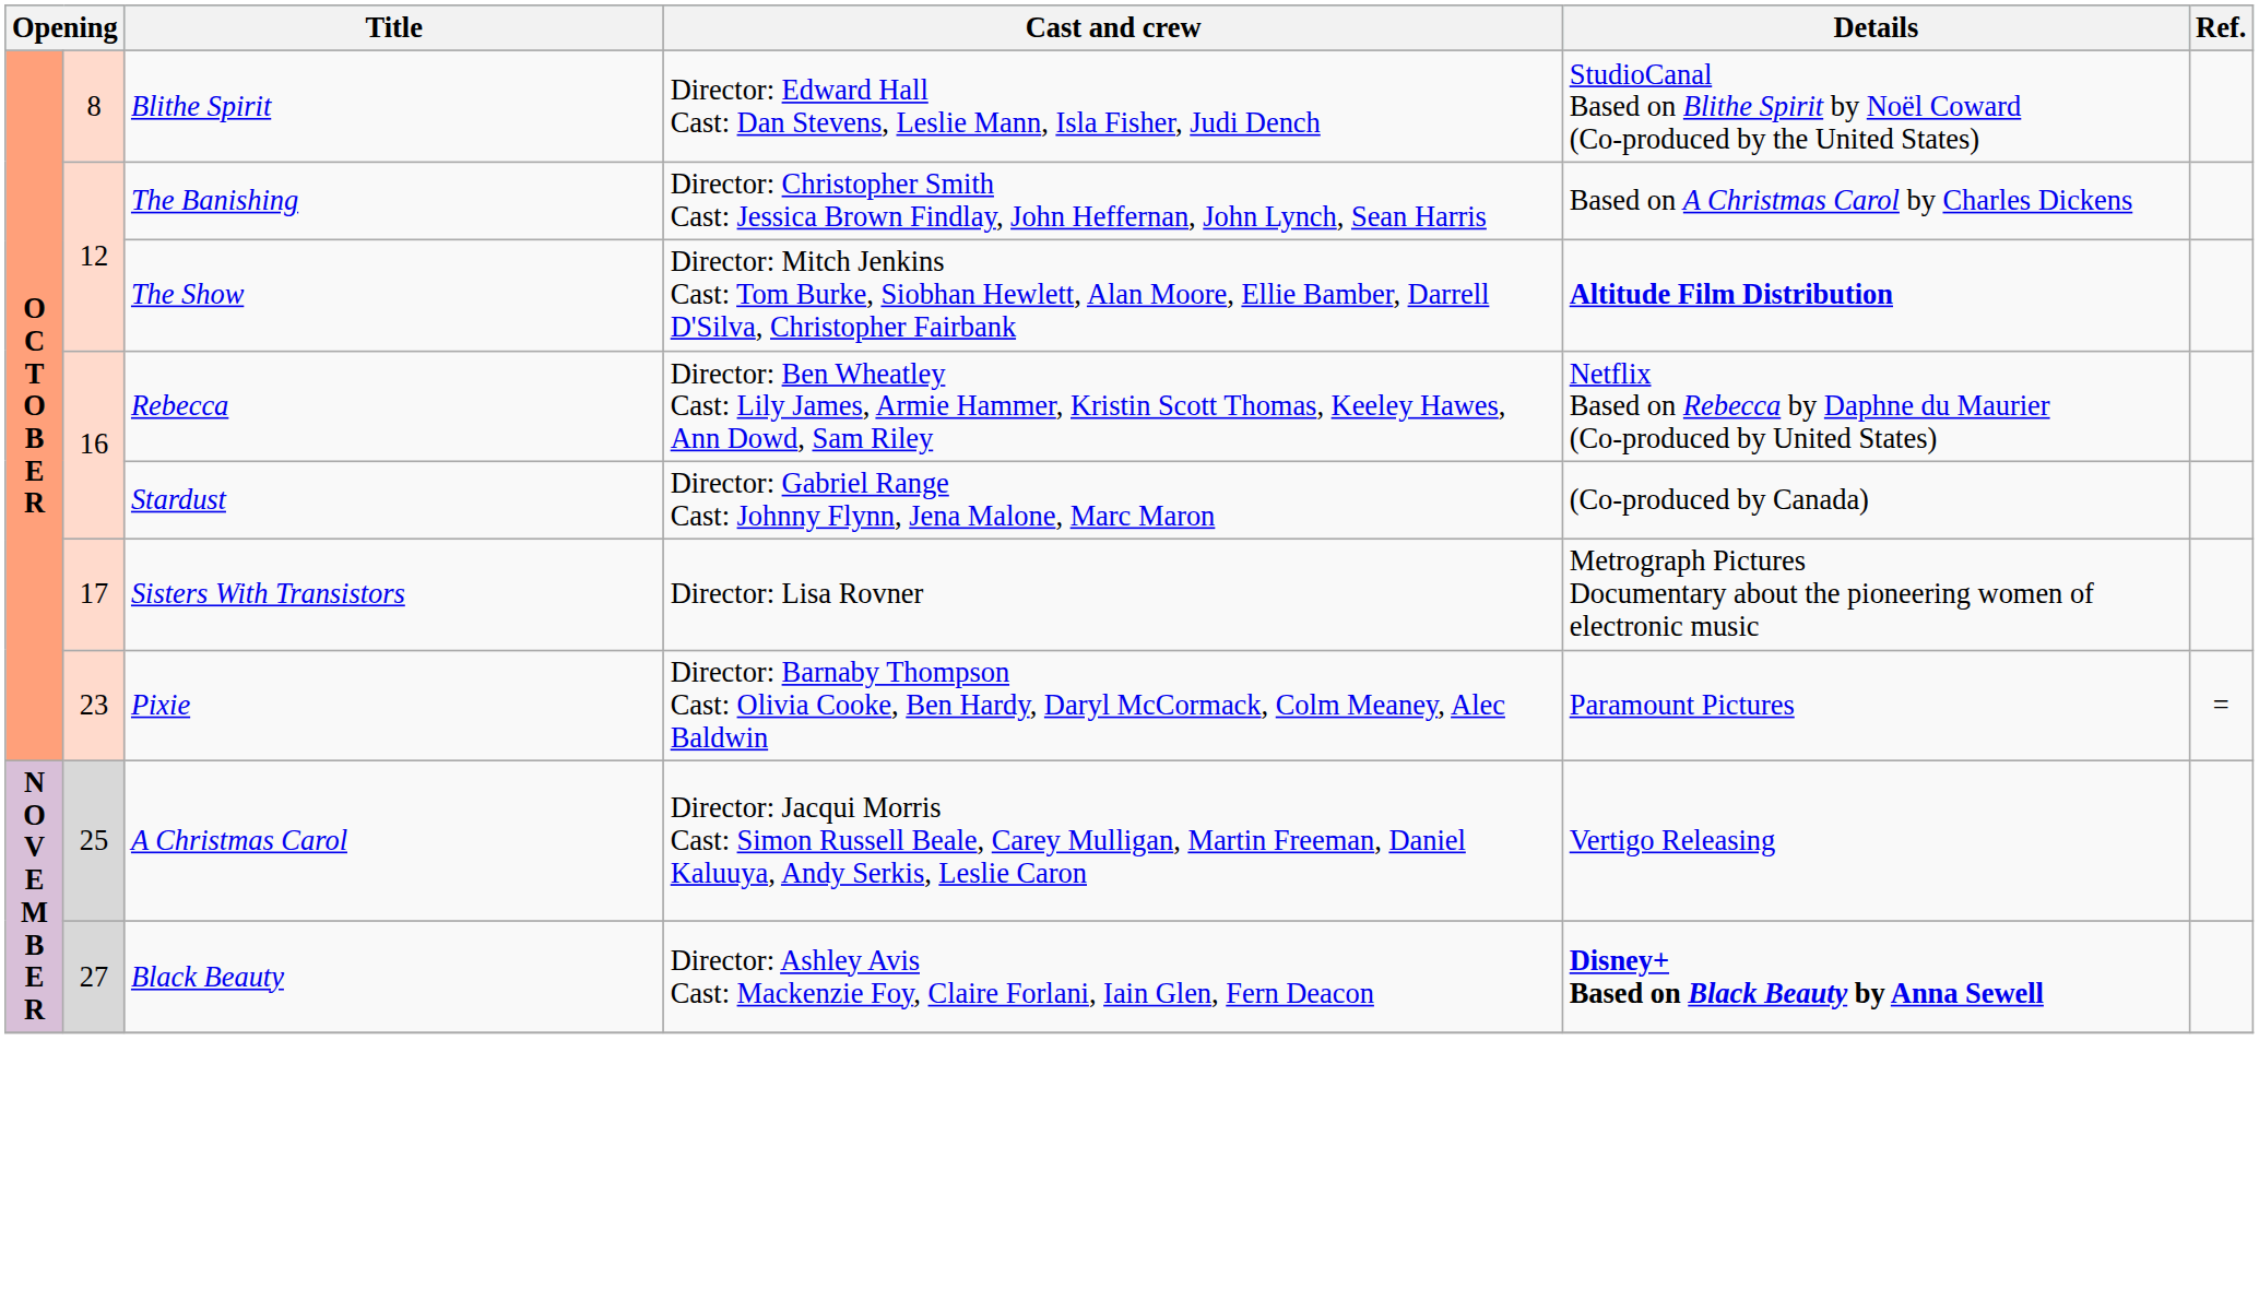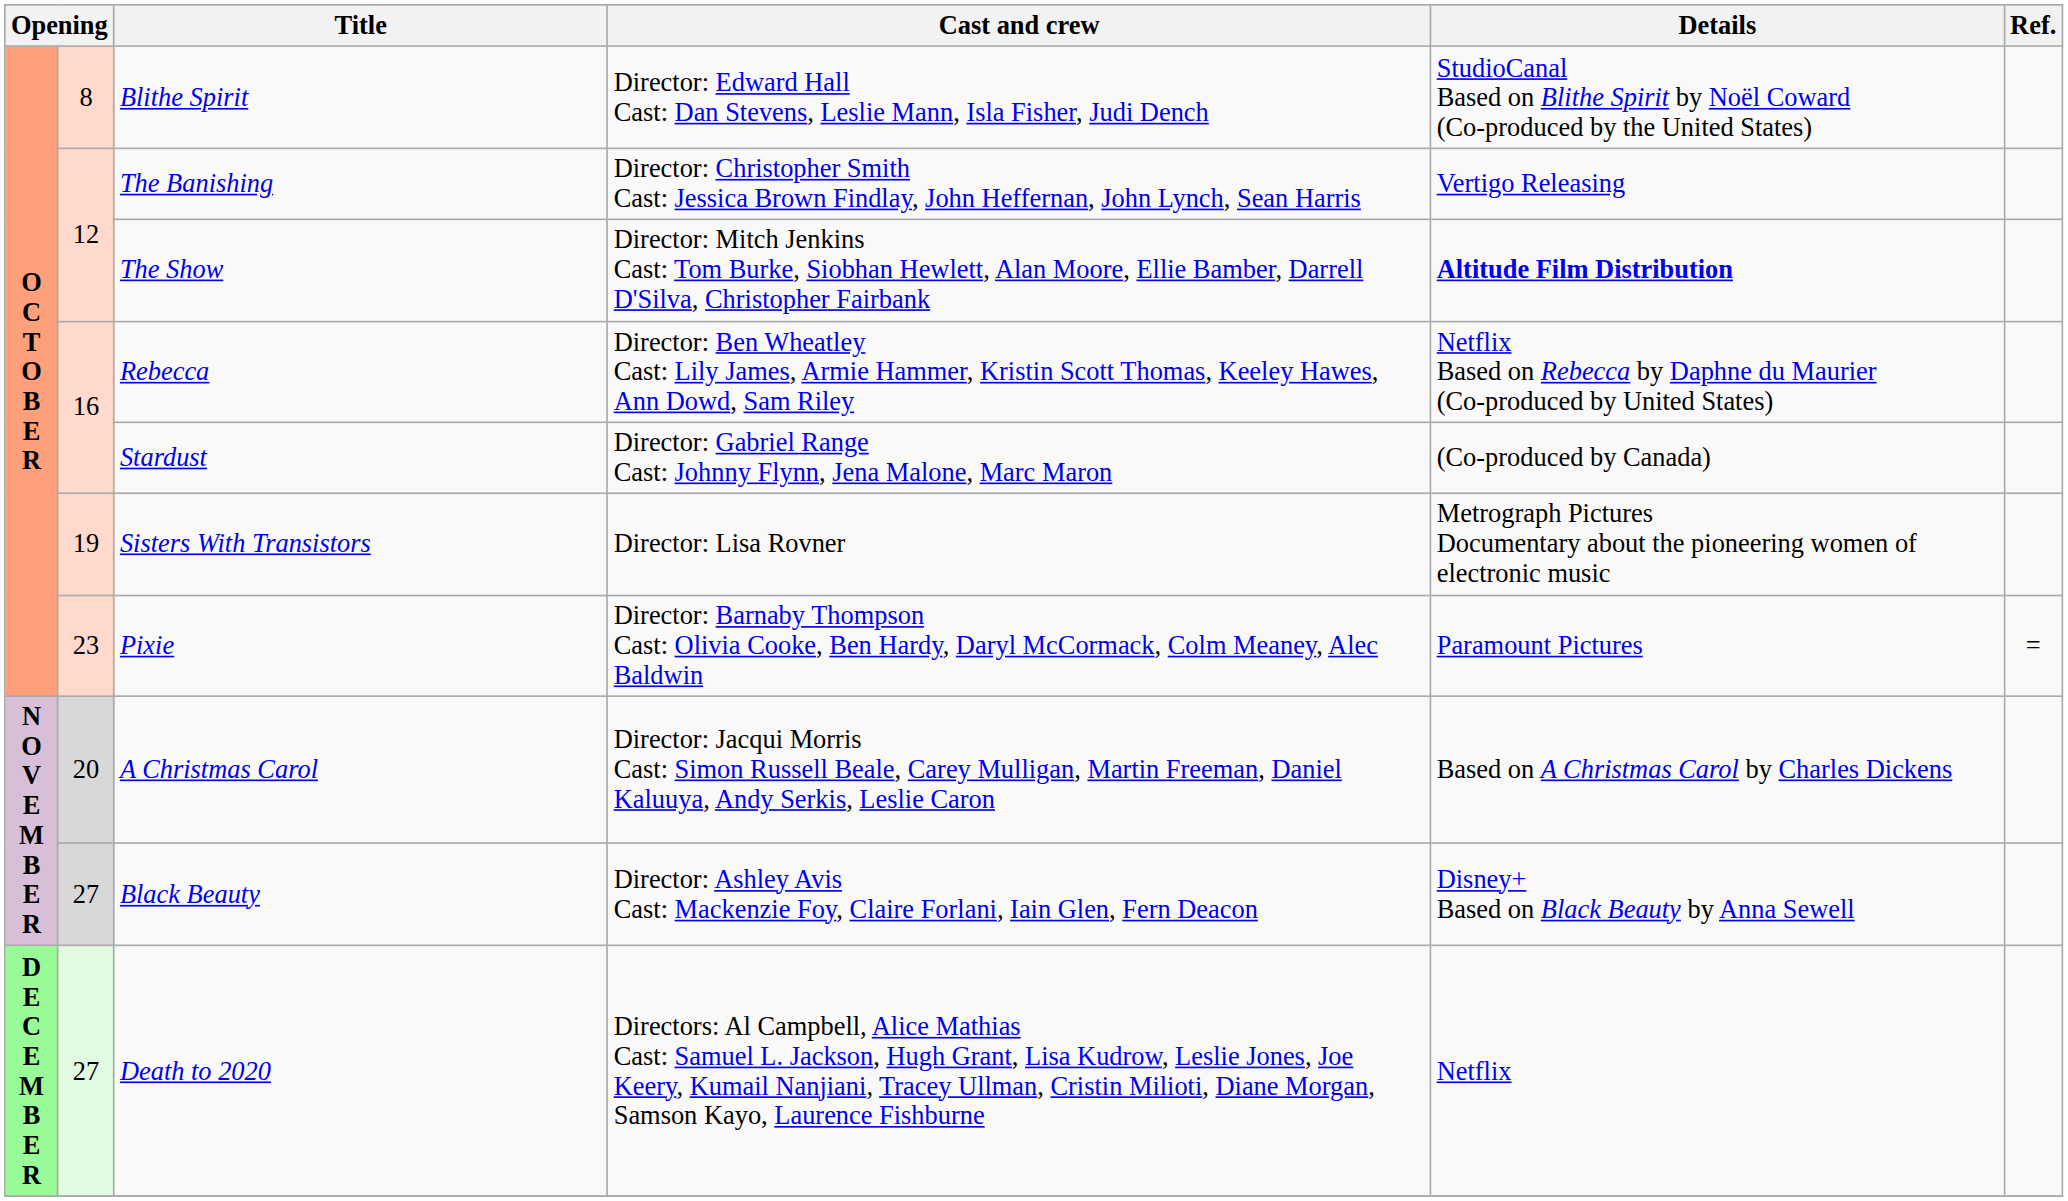 <table class="wikitable">
 <tr style="background:#b0e0e6; text-align:center;">
 <th colspan="2">Opening</th>
 <th style="width:24%;">Title</th>
 <th style="width:40%;">Cast and crew</th>
 <th>Details</th>
 <th style="width:2%;">Ref.</th>
 </tr>
 <tr>
 <th rowspan="7" style="text-align:center; background:#ffa07a; textcolor:#000;">O<br>C<br>T<br>O<br>B<br>E<br>R</th>
 <td rowspan="1" style="text-align:center; background:#ffdacc;">8</td>
 <td><em><a href='#'>Blithe Spirit</a></em></td>
 <td>Director: <a href='#'>Edward Hall</a> <br> Cast: <a href='#'>Dan Stevens</a>, <a href='#'>Leslie Mann</a>, <a href='#'>Isla Fisher</a>, <a href='#'>Judi Dench</a></td>
 <td><a href='#'>StudioCanal</a> <br> Based on <em><a href='#'>Blithe Spirit</a></em> by <a href='#'>Noël Coward</a> <br> (Co-produced by the United States)</td>
 <td style="text-align:center"></td>
 </tr>
 <tr>
 <td rowspan="2" style="text-align:center; background:#ffdacc;">12</td>
 <td><em><a href='#'>The Banishing</a></em></td>
 <td>Director: <a href='#'>Christopher Smith</a> <br> Cast: <a href='#'>Jessica Brown Findlay</a>, <a href='#'>John Heffernan</a>, <a href='#'>John Lynch</a>, <a href='#'>Sean Harris</a></td>
-<td>Based on <em><a href='#'>A Christmas Carol</a></em> by <a href='#'>Charles Dickens</a></td>
+<td><a href='#'>Vertigo Releasing</a></td>
 <td style="text-align:center"></td>
 </tr>
 <tr>
 <td><em><a href='#'>The Show</a></em></td>
 <td>Director: Mitch Jenkins <br> Cast: <a href='#'>Tom Burke</a>, <a href='#'>Siobhan Hewlett</a>, <a href='#'>Alan Moore</a>, <a href='#'>Ellie Bamber</a>, <a href='#'>Darrell D'Silva</a>, <a href='#'>Christopher Fairbank</a></td>
 <td><strong><a href='#'>Altitude Film Distribution</a></strong></td>
 <td></td>
 </tr>
 <tr>
 <td rowspan="2" style="text-align:center; background:#ffdacc;">16</td>
 <td><em><a href='#'>Rebecca</a></em></td>
 <td>Director: <a href='#'>Ben Wheatley</a> <br> Cast: <a href='#'>Lily James</a>, <a href='#'>Armie Hammer</a>, <a href='#'>Kristin Scott Thomas</a>, <a href='#'>Keeley Hawes</a>, <a href='#'>Ann Dowd</a>, <a href='#'>Sam Riley</a></td>
 <td><a href='#'>Netflix</a> <br> Based on <em><a href='#'>Rebecca</a></em> by <a href='#'>Daphne du Maurier</a> <br> (Co-produced by United States)</td>
 <td style="text-align:center"></td>
 </tr>
 <tr>
 <td><em><a href='#'>Stardust</a></em></td>
 <td>Director: <a href='#'>Gabriel Range</a> <br> Cast: <a href='#'>Johnny Flynn</a>, <a href='#'>Jena Malone</a>, <a href='#'>Marc Maron</a></td>
 <td>(Co-produced by Canada)</td>
 <td style="text-align:center"></td>
 </tr>
 <tr>
-<td rowspan="1" style="text-align:center; background:#ffdacc;">17</td>
+<td rowspan="1" style="text-align:center; background:#ffdacc;">19</td>
 <td><em><a href='#'>Sisters With Transistors</a></em></td>
 <td>Director: Lisa Rovner</td>
 <td>Metrograph Pictures <br> Documentary about the pioneering women of electronic music</td>
 <td></td>
 </tr>
 <tr>
 <td rowspan="1" style="text-align:center; background:#ffdacc;">23</td>
 <td><em><a href='#'>Pixie</a></em></td>
 <td>Director: <a href='#'>Barnaby Thompson</a> <br> Cast: <a href='#'>Olivia Cooke</a>, <a href='#'>Ben Hardy</a>, <a href='#'>Daryl McCormack</a>, <a href='#'>Colm Meaney</a>, <a href='#'>Alec Baldwin</a></td>
 <td><a href='#'>Paramount Pictures</a></td>
 <td style="text-align:center">=</td>
 </tr>
 <tr>
 <th rowspan="2" style="text-align:center; background:thistle; textcolor:#000;">N<br>O<br>V<br>E<br>M<br>B<br>E<br>R</th>
-<td rowspan="1" style="text-align:center; background:#d8d8d8;">25</td>
+<td rowspan="1" style="text-align:center; background:#d8d8d8;">20</td>
 <td><em><a href='#'>A Christmas Carol</a></em></td>
 <td>Director: Jacqui Morris <br> Cast: <a href='#'>Simon Russell Beale</a>, <a href='#'>Carey Mulligan</a>, <a href='#'>Martin Freeman</a>, <a href='#'>Daniel Kaluuya</a>, <a href='#'>Andy Serkis</a>, <a href='#'>Leslie Caron</a></td>
-<td><a href='#'>Vertigo Releasing</a></td>
+<td>Based on <em><a href='#'>A Christmas Carol</a></em> by <a href='#'>Charles Dickens</a></td>
 <td style="text-align:center"></td>
 </tr>
 <tr>
 <td rowspan="1" style="text-align:center; background:#d8d8d8;">27</td>
 <td><em><a href='#'>Black Beauty</a></em></td>
 <td>Director: <a href='#'>Ashley Avis</a> <br> Cast: <a href='#'>Mackenzie Foy</a>, <a href='#'>Claire Forlani</a>, <a href='#'>Iain Glen</a>, <a href='#'>Fern Deacon</a></td>
-<td><strong><a href='#'>Disney+</a> <br> Based on <em><a href='#'>Black Beauty</a></em> by <a href='#'>Anna Sewell</a></strong></td>
+<td><a href='#'>Disney+</a> <br> Based on <em><a href='#'>Black Beauty</a></em> by <a href='#'>Anna Sewell</a></td>
+<td style="text-align:center"></td>
+</tr>
+<tr>
+<th rowspan="1" style="text-align:center; background:#98fb98; textcolor:#000;">D<br>E<br>C<br>E<br>M<br>B<br>E<br>R</th>
+<td rowspan="1" style="text-align:center; background:#e0f9e0;">27</td>
+<td><em><a href='#'>Death to 2020</a></em></td>
+<td>Directors: Al Campbell, <a href='#'>Alice Mathias</a> <br> Cast: <a href='#'>Samuel L. Jackson</a>, <a href='#'>Hugh Grant</a>, <a href='#'>Lisa Kudrow</a>, <a href='#'>Leslie Jones</a>, <a href='#'>Joe Keery</a>, <a href='#'>Kumail Nanjiani</a>, <a href='#'>Tracey Ullman</a>, <a href='#'>Cristin Milioti</a>, <a href='#'>Diane Morgan</a>, Samson Kayo, <a href='#'>Laurence Fishburne</a></td>
+<td><a href='#'>Netflix</a></td>
 <td style="text-align:center"></td>
 </tr>
 <tr>
 </tr>
 </table>
